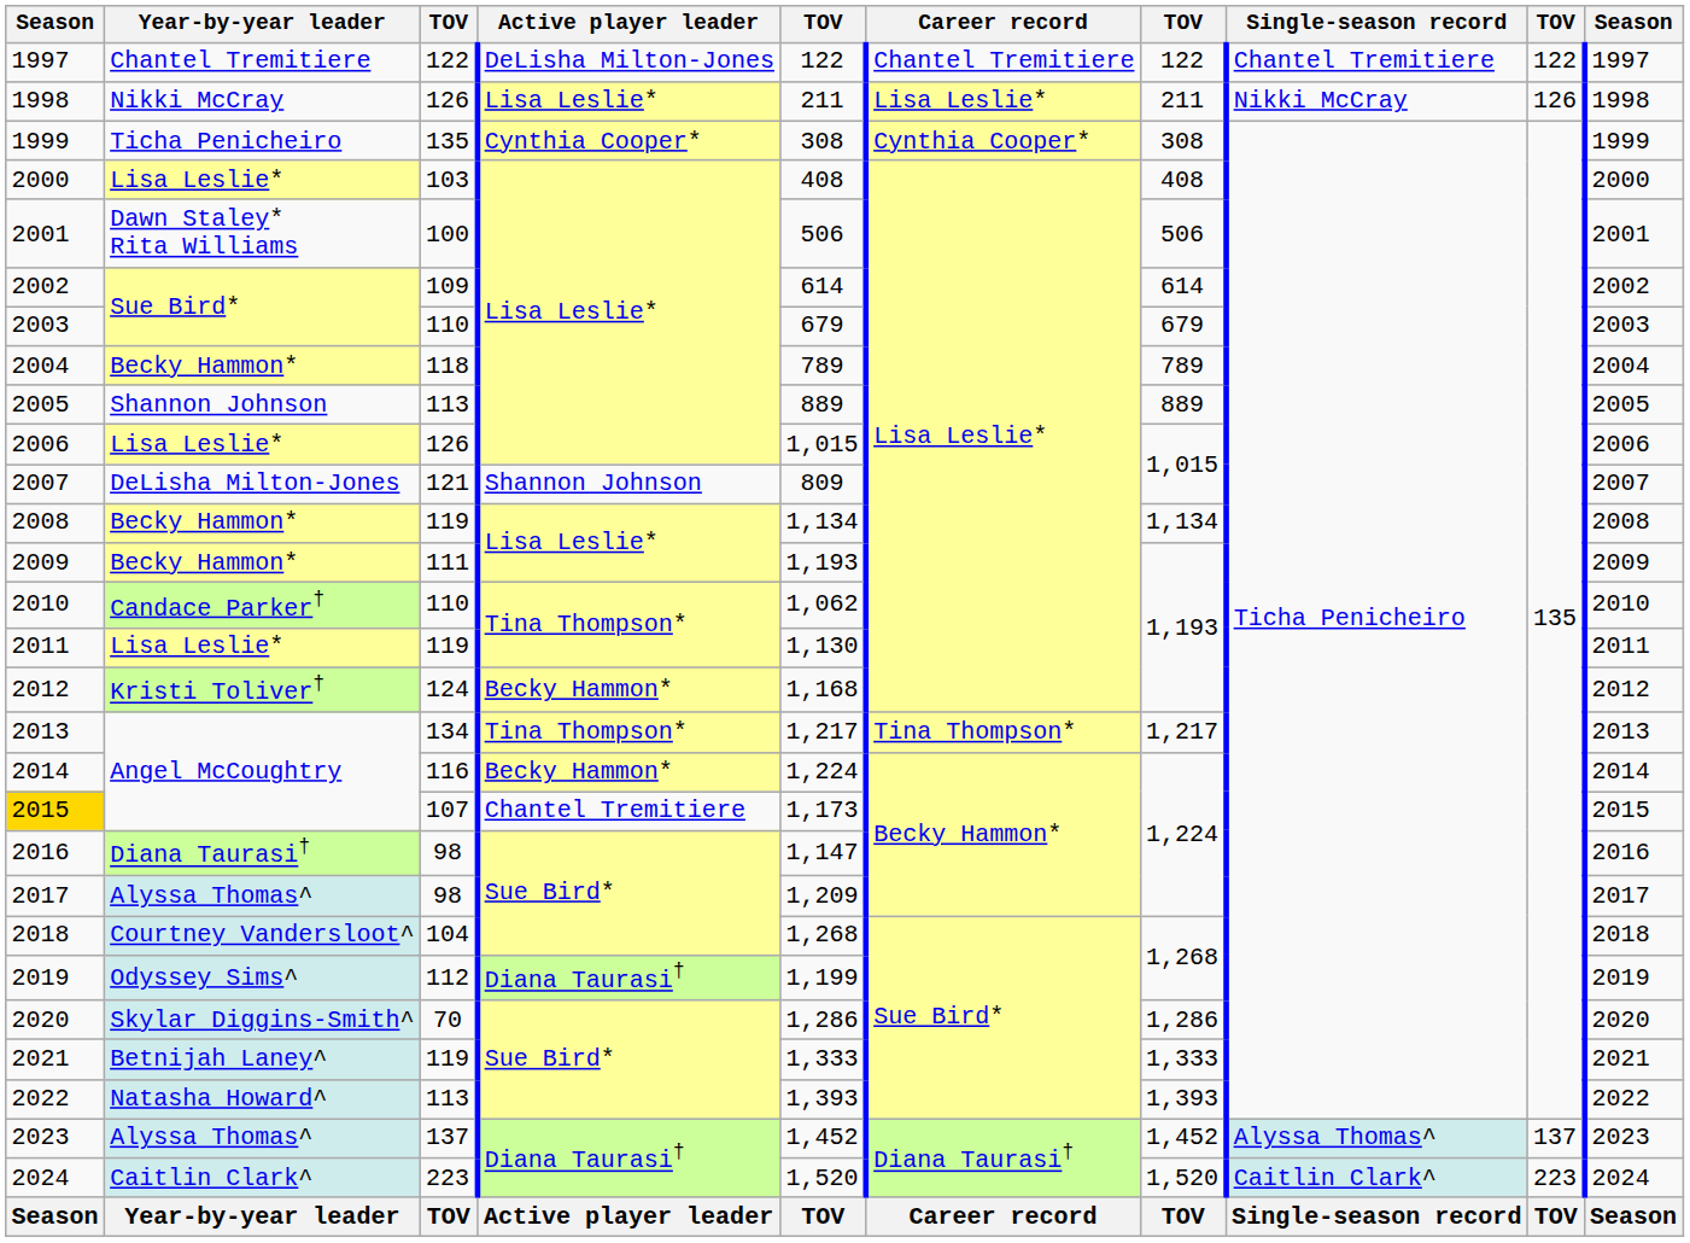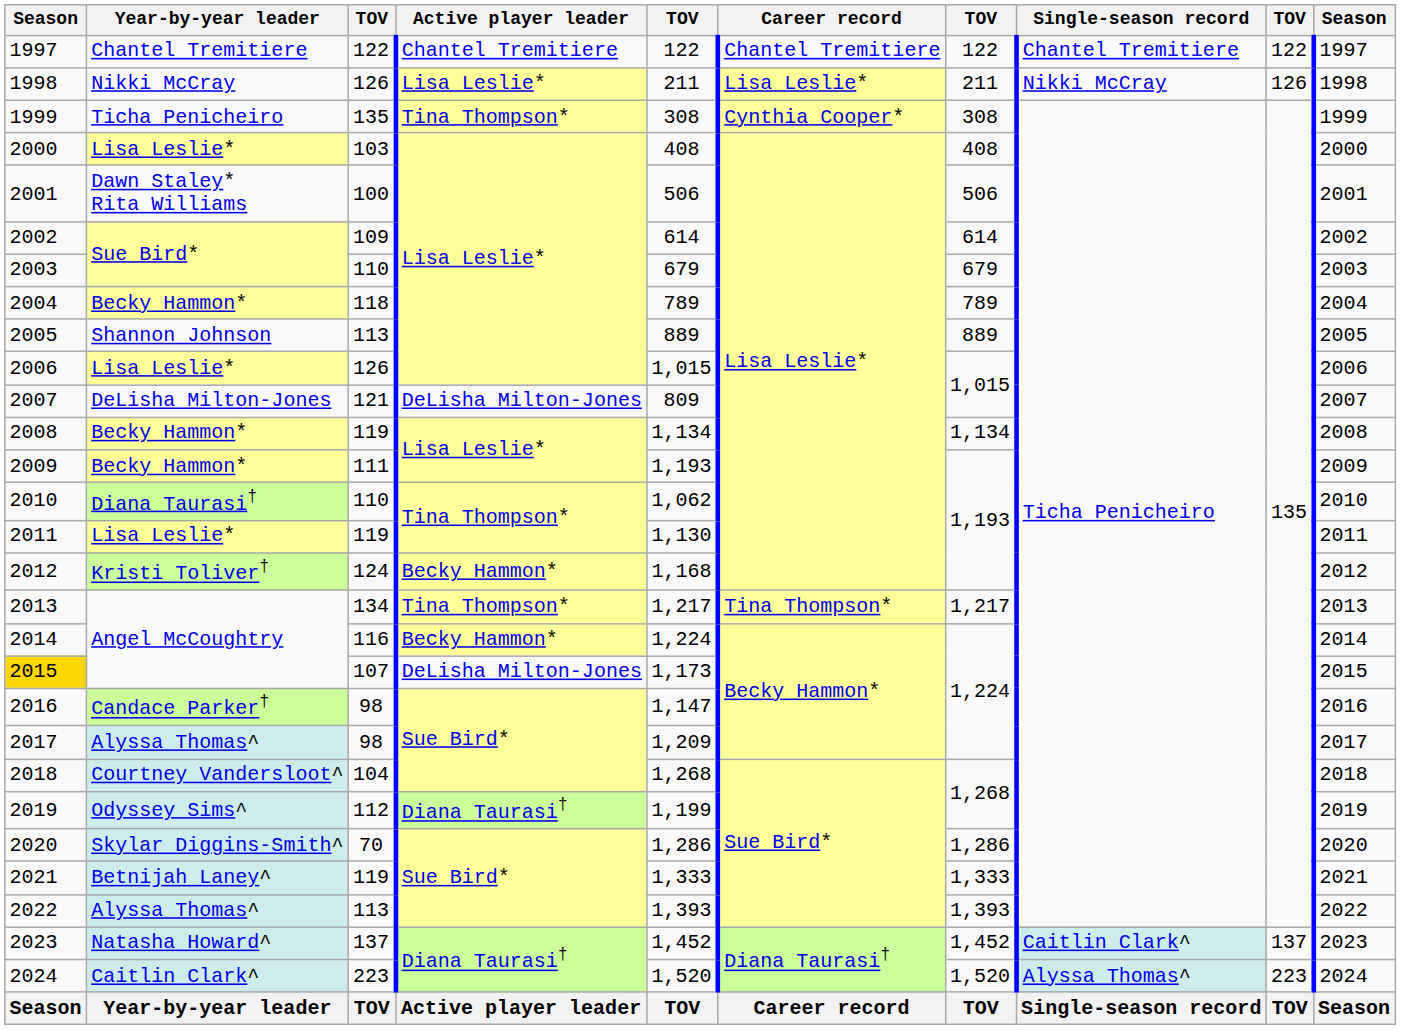 <table class="wikitable" style="font-size: 100%;">
 <tr style="font-size:90%;">
 <th>Season</th>
 <th>Year-by-year leader</th>
 <th>TOV</th>
 <th>Active player leader</th>
 <th>TOV</th>
 <th>Career record</th>
 <th>TOV</th>
 <th>Single-season record</th>
 <th>TOV</th>
 <th>Season</th>
 </tr>
 <tr>
 <td>1997</td>
 <td><a href='#'>Chantel Tremitiere</a></td>
 <td align=center style="border-right: solid blue">122</td>
-<td><a href='#'>DeLisha Milton-Jones</a></td>
+<td><a href='#'>Chantel Tremitiere</a></td>
 <td align=center style="border-right: solid blue">122</td>
 <td><a href='#'>Chantel Tremitiere</a></td>
 <td align=center style="border-right: solid blue">122</td>
 <td><a href='#'>Chantel Tremitiere</a></td>
 <td align=center style="border-right: solid blue">122</td>
 <td>1997</td>
 </tr>
 <tr>
 <td>1998</td>
 <td><a href='#'>Nikki McCray</a></td>
 <td align=center style="border-right: solid blue">126</td>
 <td bgcolor=#ffff99><a href='#'>Lisa Leslie</a>*</td>
 <td align=center style="border-right: solid blue">211</td>
 <td bgcolor=#ffff99><a href='#'>Lisa Leslie</a>*</td>
 <td align=center style="border-right: solid blue">211</td>
 <td><a href='#'>Nikki McCray</a></td>
 <td align=center style="border-right: solid blue">126</td>
 <td>1998</td>
 </tr>
 <tr>
 <td>1999</td>
 <td><a href='#'>Ticha Penicheiro</a></td>
 <td align=center style="border-right: solid blue">135</td>
-<td bgcolor=#ffff99><a href='#'>Cynthia Cooper</a>*</td>
+<td bgcolor=#ffff99><a href='#'>Tina Thompson</a>*</td>
 <td align=center style="border-right: solid blue">308</td>
 <td bgcolor=#ffff99><a href='#'>Cynthia Cooper</a>*</td>
 <td align=center style="border-right: solid blue">308</td>
 <td rowspan=24><a href='#'>Ticha Penicheiro</a></td>
 <td align=center style="border-right: solid blue" rowspan=24>135</td>
 <td>1999</td>
 </tr>
 <tr>
 <td>2000</td>
 <td bgcolor=#ffff99><a href='#'>Lisa Leslie</a>*</td>
 <td align=center style="border-right: solid blue">103</td>
 <td bgcolor=#ffff99 rowspan=7><a href='#'>Lisa Leslie</a>*</td>
 <td align=center style="border-right: solid blue">408</td>
 <td bgcolor=#ffff99 rowspan=13><a href='#'>Lisa Leslie</a>*</td>
 <td align=center style="border-right: solid blue">408</td>
 <td>2000</td>
 </tr>
 <tr>
 <td>2001</td>
 <td><div><a href='#'>Dawn Staley</a>*</div><a href='#'>Rita Williams</a></td>
 <td align=center style="border-right: solid blue">100</td>
 <td align=center style="border-right: solid blue">506</td>
 <td align=center style="border-right: solid blue">506</td>
 <td>2001</td>
 </tr>
 <tr>
 <td>2002</td>
 <td bgcolor=#ffff99 rowspan=2><a href='#'>Sue Bird</a>*</td>
 <td align=center style="border-right: solid blue">109</td>
 <td align=center style="border-right: solid blue">614</td>
 <td align=center style="border-right: solid blue">614</td>
 <td>2002</td>
 </tr>
 <tr>
 <td>2003</td>
 <td align=center style="border-right: solid blue">110</td>
 <td align=center style="border-right: solid blue">679</td>
 <td align=center style="border-right: solid blue">679</td>
 <td>2003</td>
 </tr>
 <tr>
 <td>2004</td>
 <td bgcolor=#ffff99><a href='#'>Becky Hammon</a>*</td>
 <td align=center style="border-right: solid blue">118</td>
 <td align=center style="border-right: solid blue">789</td>
 <td align=center style="border-right: solid blue">789</td>
 <td>2004</td>
 </tr>
 <tr>
 <td>2005</td>
 <td><a href='#'>Shannon Johnson</a></td>
 <td align=center style="border-right: solid blue">113</td>
 <td align=center style="border-right: solid blue">889</td>
 <td align=center style="border-right: solid blue">889</td>
 <td>2005</td>
 </tr>
 <tr>
 <td>2006</td>
 <td bgcolor=#ffff99><a href='#'>Lisa Leslie</a>*</td>
 <td align=center style="border-right: solid blue">126</td>
 <td align=center style="border-right: solid blue">1,015</td>
 <td align=center style="border-right: solid blue" rowspan=2>1,015</td>
 <td>2006</td>
 </tr>
 <tr>
 <td>2007</td>
 <td><a href='#'>DeLisha Milton-Jones</a></td>
 <td align=center style="border-right: solid blue">121</td>
-<td><a href='#'>Shannon Johnson</a></td>
+<td><a href='#'>DeLisha Milton-Jones</a></td>
 <td align=center style="border-right: solid blue">809</td>
 <td>2007</td>
 </tr>
 <tr>
 <td>2008</td>
 <td bgcolor=#ffff99><a href='#'>Becky Hammon</a>*</td>
 <td align=center style="border-right: solid blue">119</td>
 <td bgcolor=#ffff99 rowspan=2><a href='#'>Lisa Leslie</a>*</td>
 <td align=center style="border-right: solid blue">1,134</td>
 <td align=center style="border-right: solid blue">1,134</td>
 <td>2008</td>
 </tr>
 <tr>
 <td>2009</td>
 <td bgcolor=#ffff99><a href='#'>Becky Hammon</a>*</td>
 <td align=center style="border-right: solid blue">111</td>
 <td align=center style="border-right: solid blue">1,193</td>
 <td align=center style="border-right: solid blue" rowspan=4>1,193</td>
 <td>2009</td>
 </tr>
 <tr>
 <td>2010</td>
-<td bgcolor=#ccff99><a href='#'>Candace Parker</a><sup>†</sup></td>
+<td bgcolor=#ccff99><a href='#'>Diana Taurasi</a><sup>†</sup></td>
 <td align=center style="border-right: solid blue">110</td>
 <td bgcolor=#ffff99 rowspan=2><a href='#'>Tina Thompson</a>*</td>
 <td align=center style="border-right: solid blue">1,062</td>
 <td>2010</td>
 </tr>
 <tr>
 <td>2011</td>
 <td bgcolor=#ffff99><a href='#'>Lisa Leslie</a>*</td>
 <td align=center style="border-right: solid blue">119</td>
 <td align=center style="border-right: solid blue">1,130</td>
 <td>2011</td>
 </tr>
 <tr>
 <td>2012</td>
 <td bgcolor=#ccff99><a href='#'>Kristi Toliver</a><sup>†</sup></td>
 <td align=center style="border-right: solid blue">124</td>
 <td bgcolor=#ffff99><a href='#'>Becky Hammon</a>*</td>
 <td align=center style="border-right: solid blue">1,168</td>
 <td>2012</td>
 </tr>
 <tr>
 <td>2013</td>
 <td rowspan=3><a href='#'>Angel McCoughtry</a></td>
 <td align=center style="border-right: solid blue">134</td>
 <td bgcolor=#ffff99><a href='#'>Tina Thompson</a>*</td>
 <td align=center style="border-right: solid blue">1,217</td>
 <td bgcolor=#ffff99><a href='#'>Tina Thompson</a>*</td>
 <td align=center style="border-right: solid blue">1,217</td>
 <td>2013</td>
 </tr>
 <tr>
 <td>2014</td>
 <td align=center style="border-right: solid blue">116</td>
 <td bgcolor=#ffff99><a href='#'>Becky Hammon</a>*</td>
 <td align=center style="border-right: solid blue">1,224</td>
 <td bgcolor=#ffff99 rowspan=4><a href='#'>Becky Hammon</a>*</td>
 <td align=center style="border-right: solid blue" rowspan=4>1,224</td>
 <td>2014</td>
 </tr>
 <tr>
 <td style="background: gold;">2015</td>
 <td align=center style="border-right: solid blue">107</td>
-<td><a href='#'>Chantel Tremitiere</a></td>
+<td><a href='#'>DeLisha Milton-Jones</a></td>
 <td align=center style="border-right: solid blue">1,173</td>
 <td>2015</td>
 </tr>
 <tr>
 <td>2016</td>
-<td bgcolor=#ccff99><a href='#'>Diana Taurasi</a><sup>†</sup></td>
+<td bgcolor=#ccff99><a href='#'>Candace Parker</a><sup>†</sup></td>
 <td align=center style="border-right: solid blue">98</td>
 <td bgcolor=#ffff99 rowspan=3><a href='#'>Sue Bird</a>*</td>
 <td align=center style="border-right: solid blue">1,147</td>
 <td>2016</td>
 </tr>
 <tr>
 <td>2017</td>
 <td bgcolor=#cfecec><a href='#'>Alyssa Thomas</a>^</td>
 <td align=center style="border-right: solid blue">98</td>
 <td align=center style="border-right: solid blue">1,209</td>
 <td>2017</td>
 </tr>
 <tr>
 <td>2018</td>
 <td bgcolor=#cfecec><a href='#'>Courtney Vandersloot</a>^</td>
 <td align=center style="border-right: solid blue">104</td>
 <td align=center style="border-right: solid blue">1,268</td>
 <td bgcolor=#ffff99 rowspan=5><a href='#'>Sue Bird</a>*</td>
 <td align=center style="border-right: solid blue" rowspan=2>1,268</td>
 <td>2018</td>
 </tr>
 <tr>
 <td>2019</td>
 <td bgcolor=#cfecec><a href='#'>Odyssey Sims</a>^</td>
 <td align=center style="border-right: solid blue">112</td>
 <td bgcolor=#ccff99><a href='#'>Diana Taurasi</a><sup>†</sup></td>
 <td align=center style="border-right: solid blue">1,199</td>
 <td>2019</td>
 </tr>
 <tr>
 <td>2020</td>
 <td bgcolor=#cfecec><a href='#'>Skylar Diggins-Smith</a>^</td>
 <td align=center style="border-right: solid blue">70</td>
 <td bgcolor=#ffff99 rowspan=3><a href='#'>Sue Bird</a>*</td>
 <td align=center style="border-right: solid blue">1,286</td>
 <td align=center style="border-right: solid blue">1,286</td>
 <td>2020</td>
 </tr>
 <tr>
 <td>2021</td>
 <td bgcolor=#cfecec><a href='#'>Betnijah Laney</a>^</td>
 <td align=center style="border-right: solid blue">119</td>
 <td align=center style="border-right: solid blue">1,333</td>
 <td align=center style="border-right: solid blue">1,333</td>
 <td>2021</td>
 </tr>
 <tr>
 <td>2022</td>
-<td bgcolor=#cfecec><a href='#'>Natasha Howard</a>^</td>
+<td bgcolor=#cfecec><a href='#'>Alyssa Thomas</a>^</td>
 <td align=center style="border-right: solid blue">113</td>
 <td align=center style="border-right: solid blue">1,393</td>
 <td align=center style="border-right: solid blue">1,393</td>
 <td>2022</td>
 </tr>
 <tr>
 <td>2023</td>
-<td bgcolor=#cfecec><a href='#'>Alyssa Thomas</a>^</td>
+<td bgcolor=#cfecec><a href='#'>Natasha Howard</a>^</td>
 <td align=center style="border-right: solid blue">137</td>
 <td bgcolor=#ccff99 rowspan=2><a href='#'>Diana Taurasi</a><sup>†</sup></td>
 <td align=center style="border-right: solid blue">1,452</td>
 <td bgcolor=#ccff99 rowspan=2><a href='#'>Diana Taurasi</a><sup>†</sup></td>
 <td align=center style="border-right: solid blue">1,452</td>
-<td bgcolor=#cfecec><a href='#'>Alyssa Thomas</a>^</td>
+<td bgcolor=#cfecec><a href='#'>Caitlin Clark</a>^</td>
 <td align=center style="border-right: solid blue">137</td>
 <td>2023</td>
 </tr>
 <tr>
 <td>2024</td>
 <td bgcolor=#cfecec><a href='#'>Caitlin Clark</a>^</td>
 <td align=center style="border-right: solid blue">223</td>
 <td align=center style="border-right: solid blue">1,520</td>
 <td align=center style="border-right: solid blue">1,520</td>
-<td bgcolor=#cfecec><a href='#'>Caitlin Clark</a>^</td>
+<td bgcolor=#cfecec><a href='#'>Alyssa Thomas</a>^</td>
 <td align=center style="border-right: solid blue">223</td>
 <td>2024</td>
 </tr>
 <tr>
 <th>Season</th>
 <th>Year-by-year leader</th>
 <th>TOV</th>
 <th>Active player leader</th>
 <th>TOV</th>
 <th>Career record</th>
 <th>TOV</th>
 <th>Single-season record</th>
 <th>TOV</th>
 <th>Season</th>
 </tr>
 </table>
